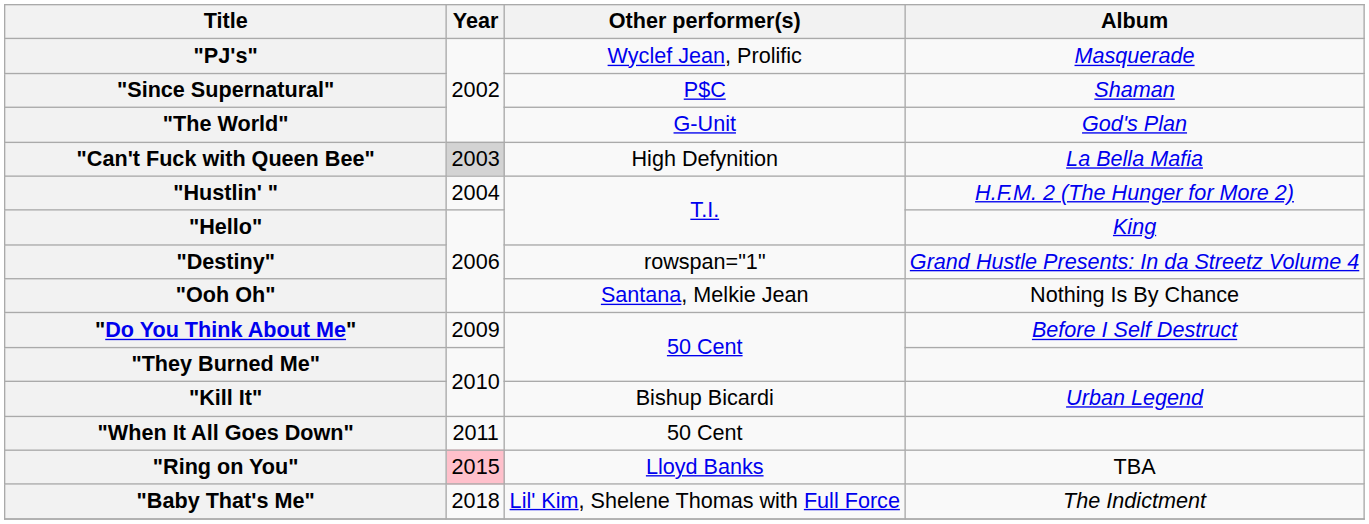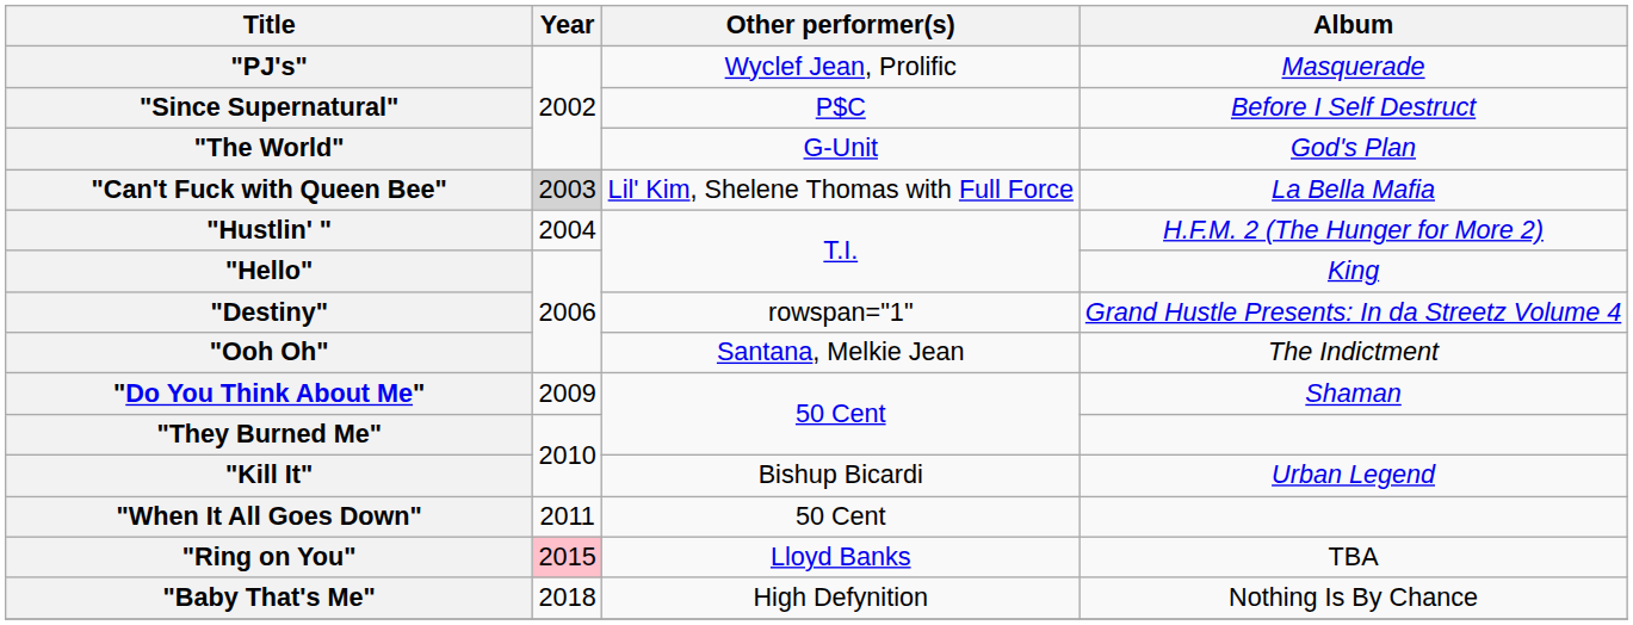 <table class="wikitable plainrowheaders" style="text-align:center;">
 <tr>
 <th scope="col" style="width:20em;">Title</th>
 <th scope="col">Year</th>
 <th scope="col">Other performer(s)</th>
 <th scope="col">Album</th>
 </tr>
 <tr>
 <th scope="row">"PJ's"</th>
 <td rowspan="3">2002</td>
 <td><a href='#'>Wyclef Jean</a>, Prolific</td>
 <td><em><a href='#'>Masquerade</a></em></td>
 </tr>
 <tr>
 <th scope="row">"Since Supernatural"</th>
 <td><a href='#'>P$C</a></td>
-<td><em><a href='#'>Shaman</a></em></td>
+<td><em><a href='#'>Before I Self Destruct</a></em></td>
 </tr>
 <tr>
 <th scope="row">"The World"</th>
 <td><a href='#'>G-Unit</a></td>
 <td><em><a href='#'>God's Plan</a></em></td>
 </tr>
 <tr>
 <th scope="row">"Can't Fuck with Queen Bee"</th>
 <td rowspan="1" style="background: lightgrey;">2003</td>
-<td>High Defynition</td>
+<td><a href='#'>Lil' Kim</a>, Shelene Thomas with <a href='#'>Full Force</a></td>
 <td><em><a href='#'>La Bella Mafia</a></em></td>
 </tr>
 <tr>
 <th scope="row">"Hustlin' "</th>
 <td rowspan="1">2004</td>
 <td rowspan="2"><a href='#'>T.I.</a></td>
 <td><em><a href='#'>H.F.M. 2 (The Hunger for More 2)</a></em></td>
 </tr>
 <tr>
 <th scope="row">"Hello"</th>
 <td rowspan="3">2006</td>
 <td><em><a href='#'>King</a></em></td>
 </tr>
 <tr>
 <th scope="row">"Destiny"</th>
 <td>rowspan="1" </td>
 <td><em><a href='#'>Grand Hustle Presents: In da Streetz Volume 4</a></em></td>
 </tr>
 <tr>
 <th scope="row">"Ooh Oh"</th>
 <td><a href='#'>Santana</a>, Melkie Jean</td>
-<td>Nothing Is By Chance</td>
+<td><em>The Indictment</em></td>
 </tr>
 <tr>
 <th scope="row">"<a href='#'>Do You Think About Me</a>"</th>
 <td rowspan="1">2009</td>
 <td rowspan="2"><a href='#'>50 Cent</a></td>
-<td><em><a href='#'>Before I Self Destruct</a></em></td>
+<td><em><a href='#'>Shaman</a></em></td>
 </tr>
 <tr>
 <th scope="row">"They Burned Me"</th>
 <td rowspan="2">2010</td>
 <td></td>
 </tr>
 <tr>
 <th scope="row">"Kill It"</th>
 <td>Bishup Bicardi</td>
 <td><em><a href='#'>Urban Legend</a></em></td>
 </tr>
 <tr>
 <th scope="row">"When It All Goes Down"</th>
 <td rowspan="1">2011</td>
 <td>50 Cent</td>
 <td></td>
 </tr>
 <tr>
 <th scope="row">"Ring on You"</th>
 <td rowspan="1" style="background: pink;">2015</td>
 <td><a href='#'>Lloyd Banks</a></td>
 <td>TBA</td>
 </tr>
 <tr>
 <th scope="row">"Baby That's Me"</th>
 <td rowspan="1">2018</td>
-<td><a href='#'>Lil' Kim</a>, Shelene Thomas with <a href='#'>Full Force</a></td>
-<td><em>The Indictment</em></td>
+<td>High Defynition</td>
+<td>Nothing Is By Chance</td>
 </tr>
 <tr>
 </tr>
 </table>
